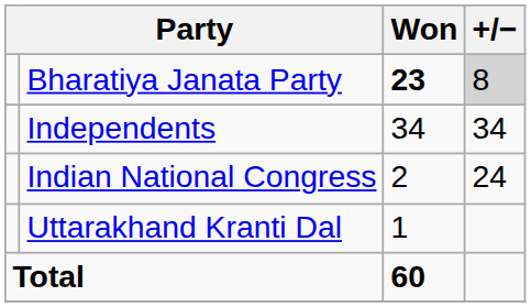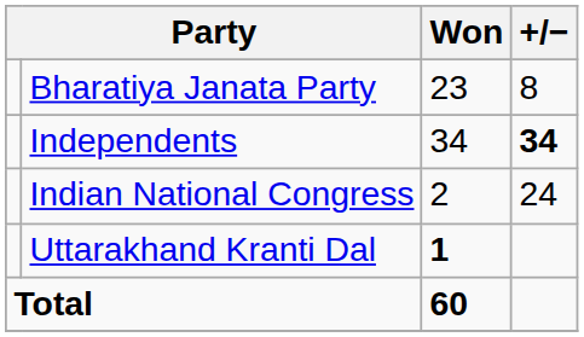 <table class="sortable wikitable">
 <tr>
 <th colspan="2">Party</th>
 <th>Won</th>
 <th><strong>+/−</strong></th>
 </tr>
 <tr>
 <td></td>
 <td><a href='#'>Bharatiya Janata Party</a></td>
-<td><strong>23</strong></td>
-<td style="background: lightgrey;">8</td>
+<td>23</td>
+<td>8</td>
 </tr>
 <tr>
 <td></td>
 <td><a href='#'>Independents</a></td>
 <td>34</td>
-<td>34</td>
+<td><strong>34</strong></td>
 </tr>
 <tr>
 <td></td>
 <td><a href='#'>Indian National Congress</a></td>
 <td>2</td>
 <td>24</td>
 </tr>
 <tr>
 <td></td>
 <td><a href='#'>Uttarakhand Kranti Dal</a></td>
-<td>1</td>
+<td><strong>1</strong></td>
 <td></td>
 </tr>
 <tr>
 <td colspan="2"><strong>Total</strong></td>
 <td><strong>60</strong></td>
 <td></td>
 </tr>
 <tr>
 </tr>
 </table>
